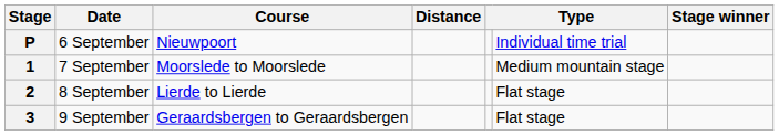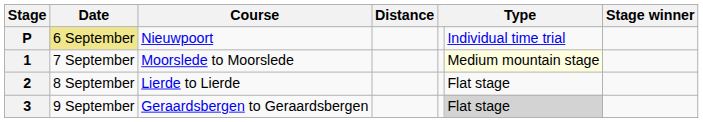 <table class="wikitable">
 <tr>
 <th scope="col">Stage</th>
 <th scope="col">Date</th>
 <th scope="col">Course</th>
 <th scope="col">Distance</th>
 <th scope="col" colspan="2">Type</th>
 <th scope="col">Stage winner</th>
 </tr>
 <tr>
 <th scope="row" style="text-align:center;">P</th>
-<td style="text-align:center;">6 September</td>
+<td style="background: khaki; text-align:center;">6 September</td>
 <td><a href='#'>Nieuwpoort</a></td>
 <td style="text-align:center;"></td>
 <td></td>
 <td><a href='#'>Individual time trial</a></td>
 <td></td>
 </tr>
 <tr>
 <th scope="row" style="text-align:center;">1</th>
 <td style="text-align:center;">7 September</td>
 <td><a href='#'>Moorslede</a> to Moorslede</td>
 <td style="text-align:center;"></td>
 <td></td>
-<td>Medium mountain stage</td>
+<td style="background: lightyellow;">Medium mountain stage</td>
 <td></td>
 </tr>
 <tr>
 <th scope="row" style="text-align:center;">2</th>
 <td style="text-align:center;">8 September</td>
 <td><a href='#'>Lierde</a> to Lierde</td>
 <td style="text-align:center;"></td>
 <td></td>
 <td>Flat stage</td>
 <td></td>
 </tr>
 <tr>
 <th scope="row" style="text-align:center;">3</th>
 <td style="text-align:center;">9 September</td>
 <td><a href='#'>Geraardsbergen</a> to Geraardsbergen</td>
 <td style="text-align:center;"></td>
 <td></td>
-<td>Flat stage</td>
+<td style="background: lightgrey;">Flat stage</td>
 <td></td>
 </tr>
 </table>
